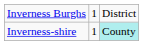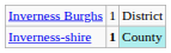 <table class="wikitable sortable">
 <tr>
 <td><a href='#'>Inverness Burghs</a></td>
 <td align="center">1</td>
 <td>District</td>
 </tr>
 <tr>
 <td><a href='#'>Inverness-shire</a></td>
-<td align="center">1</td>
+<td align="center"><strong>1</strong></td>
 <td style="background: paleturquoise;">County</td>
 </tr>
 </table>
